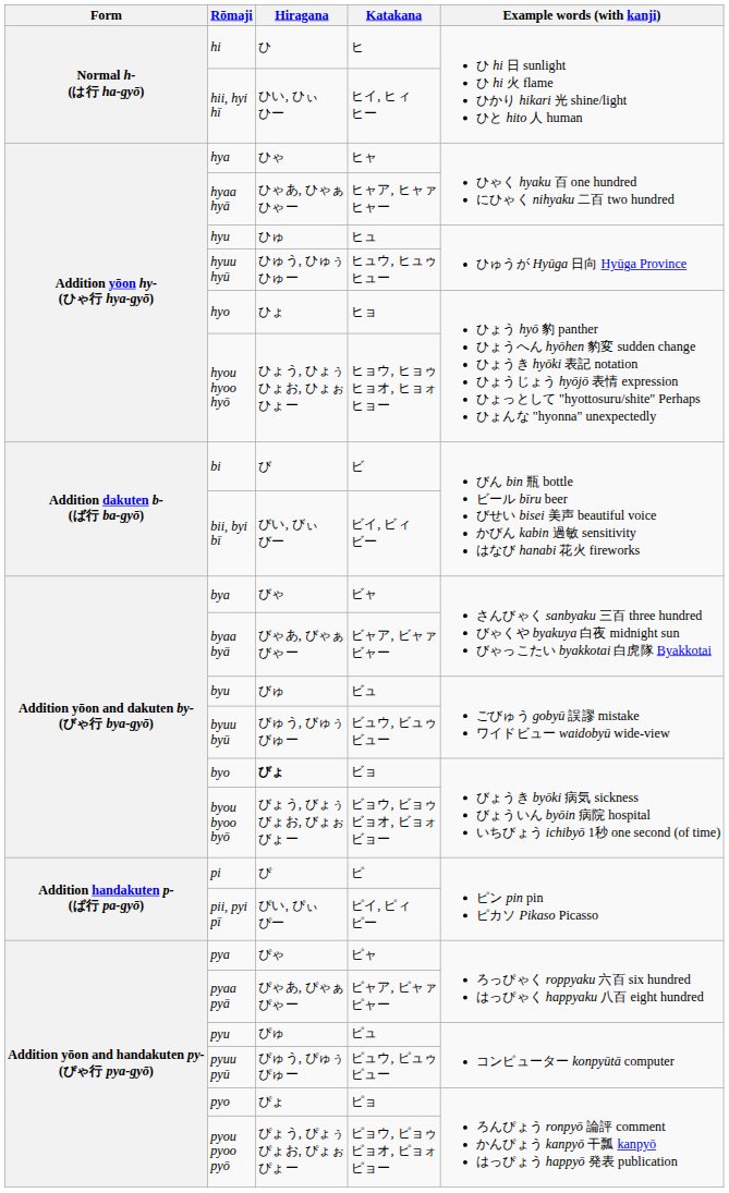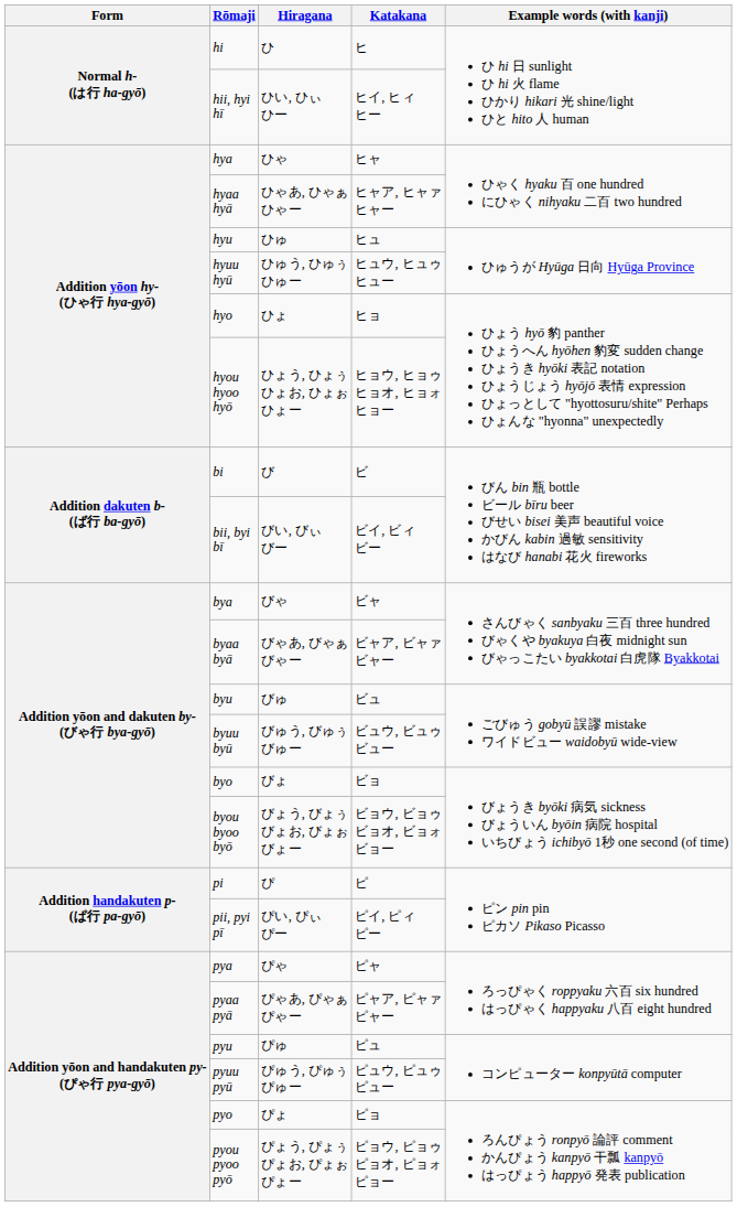 <table class="wikitable">
 <tr>
 <th>Form</th>
 <th><a href='#'>Rōmaji</a></th>
 <th><a href='#'>Hiragana</a></th>
 <th><a href='#'>Katakana</a></th>
 <th>Example words (with <a href='#'>kanji</a>)</th>
 </tr>
 <tr>
 <th rowspan="2">Normal <em>h-</em><br>(は行 <em>ha-gyō</em>)</th>
 <td><em>hi</em></td>
 <td>ひ</td>
 <td>ヒ</td>
 <td rowspan="2"><br><ul><li>ひ <em>hi</em> 日 sunlight</li><li>ひ <em>hi</em> 火 flame</li><li>ひかり <em>hikari</em> 光 shine/light</li><li>ひと <em>hito</em> 人 human</li></ul></td>
 </tr>
 <tr>
 <td><em>hii, hyi</em><br><em>hī</em></td>
 <td>ひい, ひぃ<br>ひー</td>
 <td>ヒイ, ヒィ<br>ヒー</td>
 </tr>
 <tr>
 <th rowspan="6">Addition <a href='#'>yōon</a> <em>hy-</em><br>(ひゃ行 <em>hya-gyō</em>)</th>
 <td><em>hya</em></td>
 <td>ひゃ</td>
 <td>ヒャ</td>
 <td rowspan="2"><br><ul><li>ひゃく <em>hyaku</em> 百 one hundred</li><li>にひゃく <em>nihyaku</em> 二百 two hundred</li></ul></td>
 </tr>
 <tr>
 <td><em>hyaa</em><br><em>hyā</em></td>
 <td>ひゃあ, ひゃぁ<br>ひゃー</td>
 <td>ヒャア, ヒャァ<br>ヒャー</td>
 </tr>
 <tr>
 <td><em>hyu</em></td>
 <td>ひゅ</td>
 <td>ヒュ</td>
 <td rowspan="2"><br><ul><li>ひゅうが <em>Hyūga</em> 日向 <a href='#'>Hyūga Province</a></li></ul></td>
 </tr>
 <tr>
 <td><em>hyuu</em><br><em>hyū</em></td>
 <td>ひゅう, ひゅぅ<br>ひゅー</td>
 <td>ヒュウ, ヒュゥ<br>ヒュー</td>
 </tr>
 <tr>
 <td><em>hyo</em></td>
 <td>ひょ</td>
 <td>ヒョ</td>
 <td rowspan="2"><br><ul><li>ひょう <em>hyō</em> 豹 panther</li><li>ひょうへん <em>hyōhen</em> 豹変 sudden change</li><li>ひょうき <em>hyōki</em> 表記 notation</li><li>ひょうじょう <em>hyōjō</em> 表情 expression</li><li>ひょっとして "hyottosuru/shite" Perhaps</li><li>ひょんな "hyonna" unexpectedly</li></ul></td>
 </tr>
 <tr>
 <td><em>hyou</em><br><em>hyoo</em><br><em>hyō</em></td>
 <td>ひょう, ひょぅ<br>ひょお, ひょぉ<br>ひょー</td>
 <td>ヒョウ, ヒョゥ<br>ヒョオ, ヒョォ<br>ヒョー</td>
 </tr>
 <tr>
 <th rowspan="2">Addition <a href='#'>dakuten</a> <em>b-</em><br>(ば行 <em>ba-gyō</em>)</th>
 <td><em>bi</em></td>
 <td>び</td>
 <td>ビ</td>
 <td rowspan="2"><br><ul><li>びん <em>bin</em> 瓶 bottle</li><li>ビール <em>bīru</em> beer</li><li>びせい <em>bisei</em> 美声 beautiful voice</li><li>かびん <em>kabin</em> 過敏 sensitivity</li><li>はなび <em>hanabi</em> 花火 fireworks</li></ul></td>
 </tr>
 <tr>
 <td><em>bii, byi</em><br><em>bī</em></td>
 <td>びい, びぃ<br>びー</td>
 <td>ビイ, ビィ<br>ビー</td>
 </tr>
 <tr>
 <th rowspan="6">Addition yōon and dakuten <em>by-</em><br>(びゃ行 <em>bya-gyō</em>)</th>
 <td><em>bya</em></td>
 <td>びゃ</td>
 <td>ビャ</td>
 <td rowspan="2"><br><ul><li>さんびゃく <em>sanbyaku</em> 三百 three hundred</li><li>びゃくや <em>byakuya</em> 白夜 midnight sun</li><li>びゃっこたい <em>byakkotai</em> 白虎隊 <a href='#'>Byakkotai</a></li></ul></td>
 </tr>
 <tr>
 <td><em>byaa</em><br><em>byā</em></td>
 <td>びゃあ, びゃぁ<br>びゃー</td>
 <td>ビャア, ビャァ<br>ビャー</td>
 </tr>
 <tr>
 <td><em>byu</em></td>
 <td>びゅ</td>
 <td>ビュ</td>
 <td rowspan="2"><br><ul><li>ごびゅう <em>gobyū</em> 誤謬 mistake</li><li>ワイドビュー <em>waidobyū</em> wide-view</li></ul></td>
 </tr>
 <tr>
 <td><em>byuu</em><br><em>byū</em></td>
 <td>びゅう, びゅぅ<br>びゅー</td>
 <td>ビュウ, ビュゥ<br>ビュー</td>
 </tr>
 <tr>
 <td><em>byo</em></td>
-<td><strong>びょ</strong></td>
+<td>びょ</td>
 <td>ビョ</td>
 <td rowspan="2"><br><ul><li>びょうき <em>byōki</em> 病気 sickness</li><li>びょういん <em>byōin</em> 病院 hospital</li><li>いちびょう <em>ichibyō</em> 1秒 one second (of time)</li></ul></td>
 </tr>
 <tr>
 <td><em>byou</em><br><em>byoo</em><br><em>byō</em></td>
 <td>びょう, びょぅ<br>びょお, びょぉ<br>びょー</td>
 <td>ビョウ, ビョゥ<br>ビョオ, ビョォ<br>ビョー</td>
 </tr>
 <tr>
 <th rowspan="2">Addition <a href='#'>handakuten</a> <em>p-</em><br>(ぱ行 <em>pa-gyō</em>)</th>
 <td><em>pi</em></td>
 <td>ぴ</td>
 <td>ピ</td>
 <td rowspan="2"><br><ul><li>ピン <em>pin</em> pin</li><li>ピカソ <em>Pikaso</em> Picasso</li></ul></td>
 </tr>
 <tr>
 <td><em>pii, pyi</em><br><em>pī</em></td>
 <td>ぴい, ぴぃ<br>ぴー</td>
 <td>ピイ, ピィ<br>ピー</td>
 </tr>
 <tr>
 <th rowspan="6">Addition yōon and handakuten <em>py-</em><br>(ぴゃ行 <em>pya-gyō</em>)</th>
 <td><em>pya</em></td>
 <td>ぴゃ</td>
 <td>ピャ</td>
 <td rowspan="2"><br><ul><li>ろっぴゃく <em>roppyaku</em> 六百 six hundred</li><li>はっぴゃく <em>happyaku</em> 八百 eight hundred</li></ul></td>
 </tr>
 <tr>
 <td><em>pyaa</em><br><em>pyā</em></td>
 <td>ぴゃあ, ぴゃぁ<br>ぴゃー</td>
 <td>ピャア, ピャァ<br>ピャー</td>
 </tr>
 <tr>
 <td><em>pyu</em></td>
 <td>ぴゅ</td>
 <td>ピュ</td>
 <td rowspan="2"><br><ul><li>コンピューター <em>konpyūtā</em> computer</li></ul></td>
 </tr>
 <tr>
 <td><em>pyuu</em><br><em>pyū</em></td>
 <td>ぴゅう, ぴゅぅ<br>ぴゅー</td>
 <td>ピュウ, ピュゥ<br>ピュー</td>
 </tr>
 <tr>
 <td><em>pyo</em></td>
 <td>ぴょ</td>
 <td>ピョ</td>
 <td rowspan="2"><br><ul><li>ろんぴょう <em>ronpyō</em> 論評 comment</li><li>かんぴょう <em>kanpyō</em> 干瓢 <a href='#'>kanpyō</a></li><li>はっぴょう <em>happyō</em> 発表 publication</li></ul></td>
 </tr>
 <tr>
 <td><em>pyou</em><br><em>pyoo</em><br><em>pyō</em></td>
 <td>ぴょう, ぴょぅ<br>ぴょお, ぴょぉ<br>ぴょー</td>
 <td>ピョウ, ピョゥ<br>ピョオ, ピョォ<br>ピョー</td>
 </tr>
 </table>
